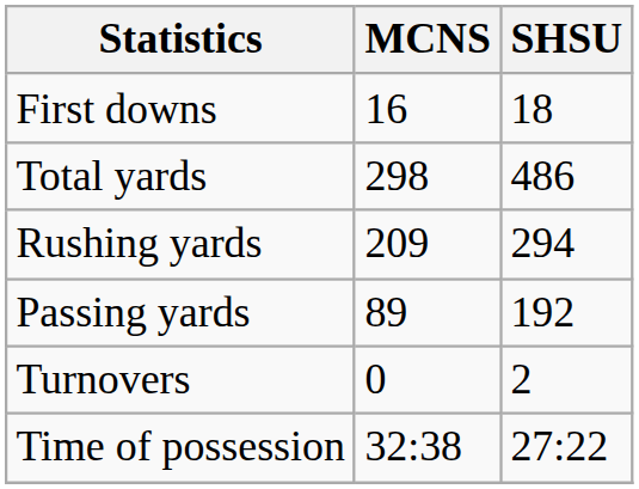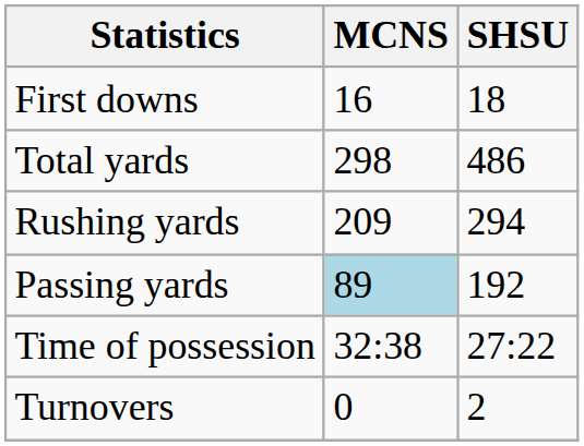 <table class="wikitable">
 <tr>
 <th>Statistics</th>
 <th>MCNS</th>
 <th>SHSU</th>
 </tr>
 <tr>
 <td>First downs</td>
 <td>16</td>
 <td>18</td>
 </tr>
 <tr>
 <td>Total yards</td>
 <td>298</td>
 <td>486</td>
 </tr>
 <tr>
 <td>Rushing yards</td>
 <td>209</td>
 <td>294</td>
 </tr>
 <tr>
 <td>Passing yards</td>
-<td>89</td>
+<td style="background: lightblue;">89</td>
 <td>192</td>
+</tr>
+<tr>
+<td>Time of possession</td>
+<td>32:38</td>
+<td>27:22</td>
 </tr>
 <tr>
 <td>Turnovers</td>
 <td>0</td>
 <td>2</td>
 </tr>
 <tr>
-<td>Time of possession</td>
-<td>32:38</td>
-<td>27:22</td>
-</tr>
-<tr>
 </tr>
 </table>
